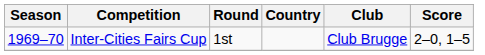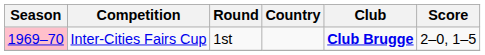 <table class="wikitable">
 <tr>
 <th>Season</th>
 <th>Competition</th>
 <th>Round</th>
 <th>Country</th>
 <th>Club</th>
 <th>Score</th>
 </tr>
 <tr>
-<td><a href='#'>1969–70</a></td>
+<td style="background: pink;"><a href='#'>1969–70</a></td>
 <td><a href='#'>Inter-Cities Fairs Cup</a></td>
 <td>1st</td>
 <td></td>
-<td><a href='#'>Club Brugge</a></td>
+<td><strong><a href='#'>Club Brugge</a></strong></td>
 <td>2–0, 1–5</td>
 </tr>
 <tr>
 </tr>
 </table>
